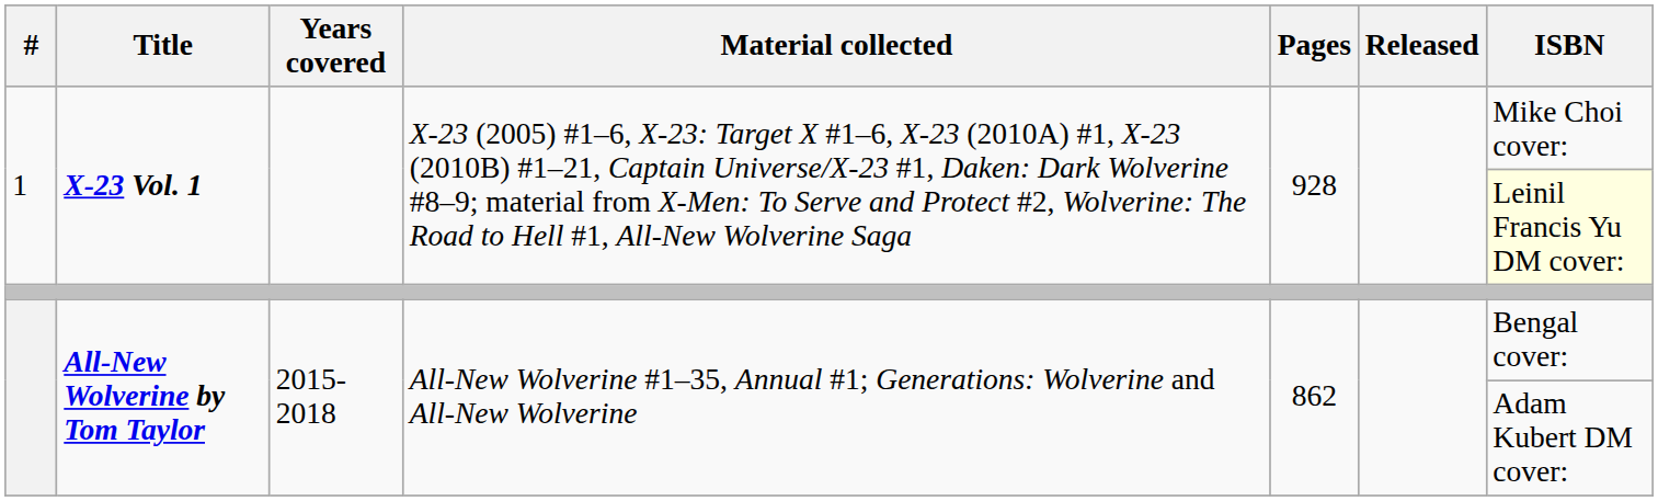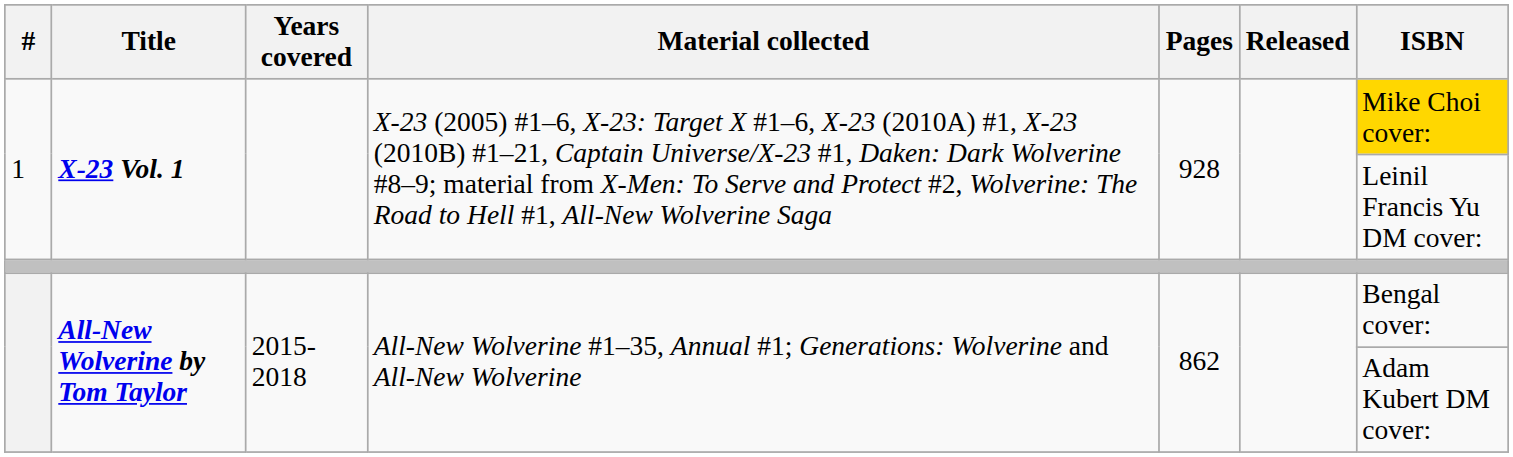 <table class="wikitable sortable" width="99%">
 <tr>
 <th class="unsortable" width="20px">#</th>
 <th>Title</th>
 <th>Years covered</th>
 <th class="unsortable">Material collected</th>
 <th>Pages</th>
 <th>Released</th>
 <th class="unsortable">ISBN</th>
 </tr>
 <tr>
 <td rowspan=2>1</td>
 <td rowspan=2><strong><em><a href='#'>X-23</a> Vol. 1</em></strong></td>
 <td rowspan=2></td>
 <td rowspan=2><em>X-23</em> (2005) #1–6, <em>X-23: Target X</em> #1–6, <em>X-23</em> (2010A) #1, <em>X-23</em> (2010B) #1–21, <em>Captain Universe/X-23</em> #1, <em>Daken: Dark Wolverine</em> #8–9; material from <em>X-Men: To Serve and Protect</em> #2, <em>Wolverine: The Road to Hell</em> #1, <em>All-New Wolverine Saga</em></td>
 <td rowspan=2 style="text-align: center;">928</td>
 <td rowspan=2></td>
-<td>Mike Choi cover: </td>
+<td style="background: gold;">Mike Choi cover: </td>
 </tr>
 <tr>
-<td style="background: lightyellow;">Leinil Francis Yu DM cover: </td>
+<td>Leinil Francis Yu DM cover: </td>
 </tr>
 <tr>
 <th colspan=7 style="background-color: silver;"></th>
 </tr>
 <tr>
 <th rowspan=2 style="background-color: light grey;"></th>
 <td rowspan=2><strong><em><a href='#'>All-New Wolverine</a> by <a href='#'>Tom Taylor</a></em></strong></td>
 <td rowspan=2>2015-2018</td>
 <td rowspan=2><em>All-New Wolverine</em> #1–35, <em>Annual</em> #1; <em>Generations: Wolverine</em> and <em>All-New Wolverine</em></td>
 <td rowspan=2 style="text-align: center;">862</td>
 <td rowspan=2></td>
 <td>Bengal cover: </td>
 </tr>
 <tr>
 <td>Adam Kubert DM cover: </td>
 </tr>
 </table>
